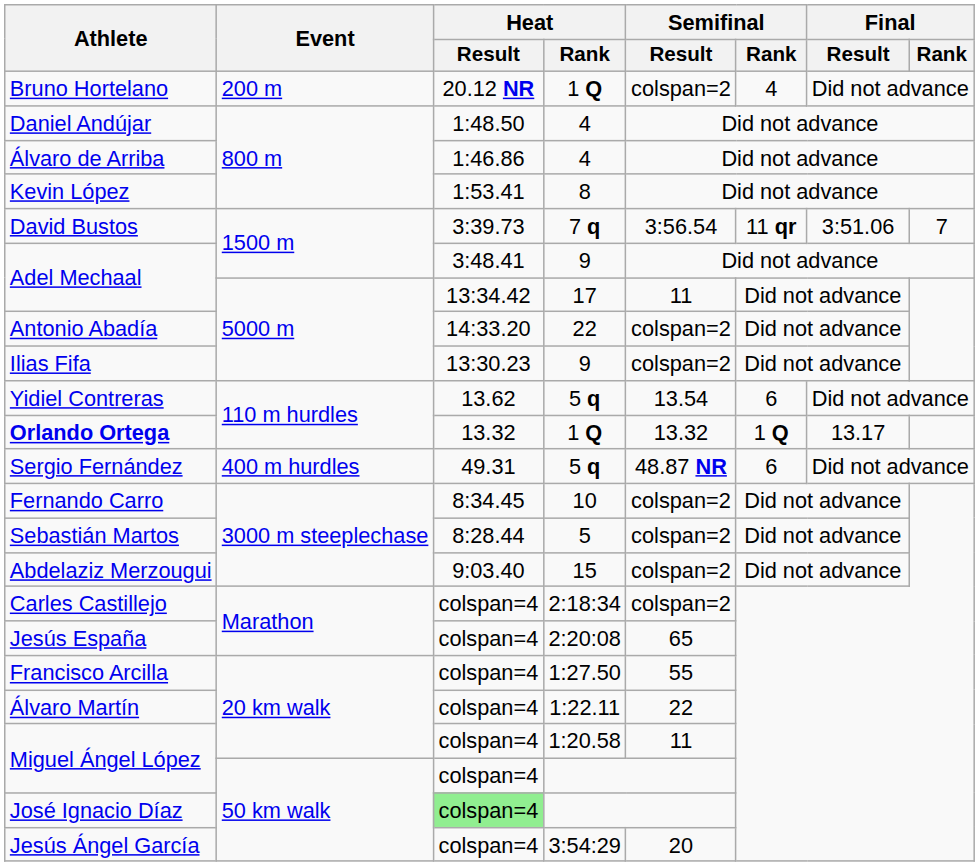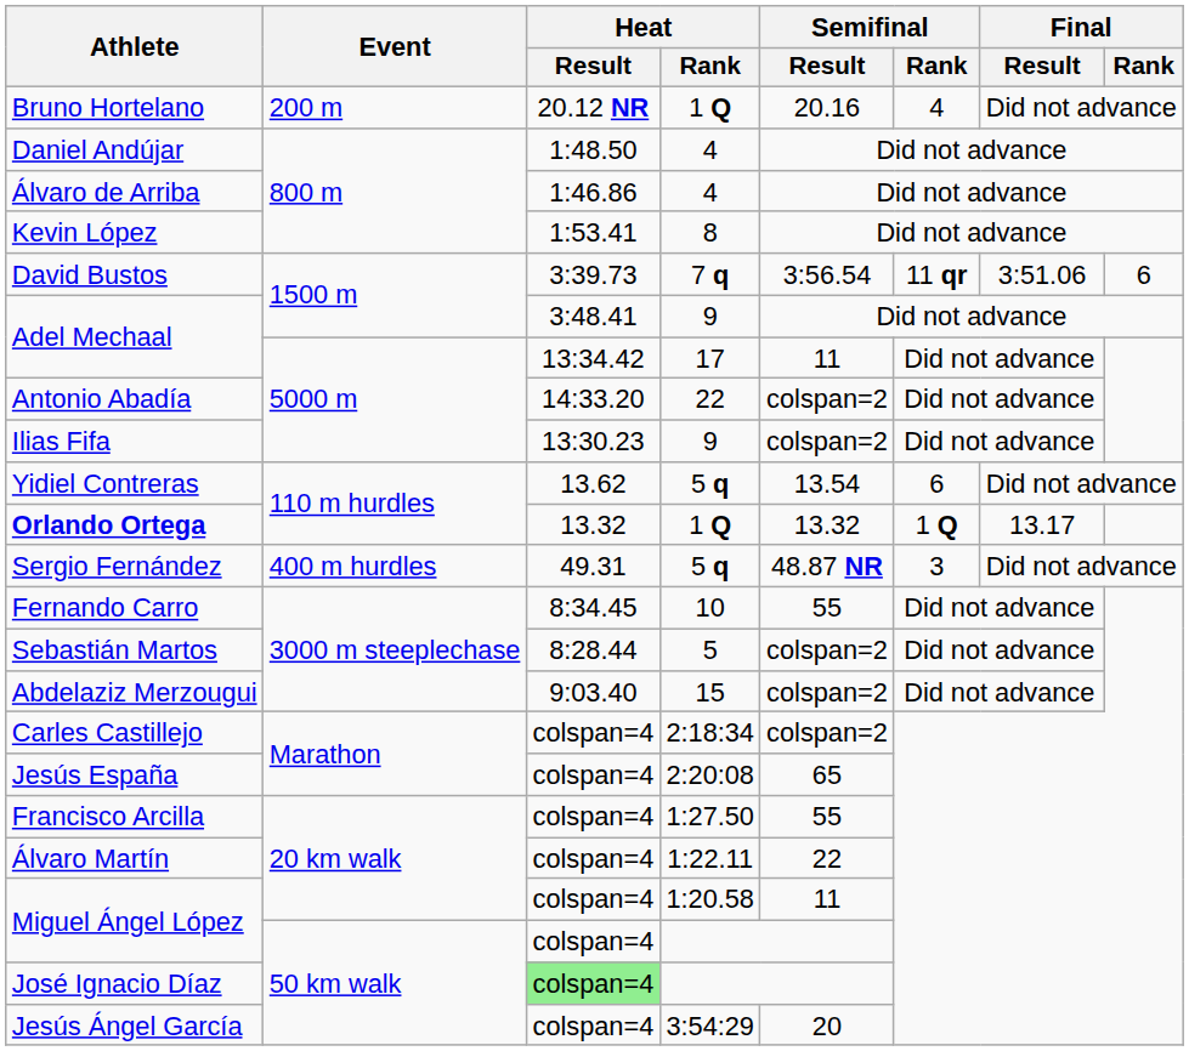 <table class="wikitable" style="font-size:90%">
 <tr>
 <th rowspan="2">Athlete</th>
 <th rowspan="2">Event</th>
 <th colspan="2">Heat</th>
 <th colspan="2">Semifinal</th>
 <th colspan="2">Final</th>
 </tr>
 <tr style="font-size:95%">
 <th>Result</th>
 <th>Rank</th>
 <th>Result</th>
 <th>Rank</th>
 <th>Result</th>
 <th>Rank</th>
 </tr>
 <tr align=center>
 <td align=left><a href='#'>Bruno Hortelano</a></td>
 <td align=left><a href='#'>200 m</a></td>
 <td>20.12 <strong><a href='#'>NR</a></strong></td>
 <td>1 <strong>Q</strong></td>
-<td>colspan=2 </td>
+<td>20.16</td>
 <td>4</td>
 <td colspan=2>Did not advance</td>
 </tr>
 <tr align=center>
 <td align=left><a href='#'>Daniel Andújar</a></td>
 <td style="text-align:left;" rowspan="3"><a href='#'>800 m</a></td>
 <td>1:48.50</td>
 <td>4</td>
 <td colspan=4>Did not advance</td>
 </tr>
 <tr align=center>
 <td align=left><a href='#'>Álvaro de Arriba</a></td>
 <td>1:46.86</td>
 <td>4</td>
 <td colspan=4>Did not advance</td>
 </tr>
 <tr align=center>
 <td align=left><a href='#'>Kevin López</a></td>
 <td>1:53.41</td>
 <td>8</td>
 <td colspan=4>Did not advance</td>
 </tr>
 <tr align=center>
 <td align=left><a href='#'>David Bustos</a></td>
 <td style="text-align:left;" rowspan="2"><a href='#'>1500 m</a></td>
 <td>3:39.73</td>
 <td>7 <strong>q</strong></td>
 <td>3:56.54</td>
 <td>11 <strong>qr</strong></td>
 <td>3:51.06</td>
-<td>7</td>
+<td>6</td>
 </tr>
 <tr align=center>
 <td style="text-align:left;" rowspan="2"><a href='#'>Adel Mechaal</a></td>
 <td>3:48.41</td>
 <td>9</td>
 <td colspan=4>Did not advance</td>
 </tr>
 <tr align=center>
 <td style="text-align:left;" rowspan="3"><a href='#'>5000 m</a></td>
 <td>13:34.42</td>
 <td>17</td>
 <td>11</td>
 <td colspan=2>Did not advance</td>
 </tr>
 <tr align=center>
 <td align=left><a href='#'>Antonio Abadía</a></td>
 <td>14:33.20</td>
 <td>22</td>
 <td>colspan=2 </td>
 <td colspan=2>Did not advance</td>
 </tr>
 <tr align=center>
 <td align=left><a href='#'>Ilias Fifa</a></td>
 <td>13:30.23</td>
 <td>9</td>
 <td>colspan=2 </td>
 <td colspan=2>Did not advance</td>
 </tr>
 <tr align=center>
 <td align=left><a href='#'>Yidiel Contreras</a></td>
 <td style="text-align:left;" rowspan="2"><a href='#'>110 m hurdles</a></td>
 <td>13.62</td>
 <td>5 <strong>q</strong></td>
 <td>13.54</td>
 <td>6</td>
 <td colspan=2>Did not advance</td>
 </tr>
 <tr align=center>
 <td align=left><strong><a href='#'>Orlando Ortega</a></strong></td>
 <td>13.32</td>
 <td>1 <strong>Q</strong></td>
 <td>13.32</td>
 <td>1 <strong>Q</strong></td>
 <td>13.17</td>
 <td></td>
 </tr>
 <tr align=center>
 <td align=left><a href='#'>Sergio Fernández</a></td>
 <td align=left><a href='#'>400 m hurdles</a></td>
 <td>49.31</td>
 <td>5 <strong>q</strong></td>
 <td>48.87  <strong><a href='#'>NR</a></strong></td>
-<td>6</td>
+<td>3</td>
 <td colspan=2>Did not advance</td>
 </tr>
 <tr align=center>
 <td align=left><a href='#'>Fernando Carro</a></td>
 <td style="text-align:left;" rowspan="3"><a href='#'>3000 m steeplechase</a></td>
 <td>8:34.45</td>
 <td>10</td>
-<td>colspan=2 </td>
+<td>55</td>
 <td colspan=2>Did not advance</td>
 </tr>
 <tr align=center>
 <td align=left><a href='#'>Sebastián Martos</a></td>
 <td>8:28.44</td>
 <td>5</td>
 <td>colspan=2 </td>
 <td colspan=2>Did not advance</td>
 </tr>
 <tr align=center>
 <td align=left><a href='#'>Abdelaziz Merzougui</a></td>
 <td>9:03.40</td>
 <td>15</td>
 <td>colspan=2 </td>
 <td colspan=2>Did not advance</td>
 </tr>
 <tr align=center>
 <td align=left><a href='#'>Carles Castillejo</a></td>
 <td style="text-align:left;" rowspan="2"><a href='#'>Marathon</a></td>
 <td>colspan=4 </td>
 <td>2:18:34</td>
 <td>colspan=2 </td>
 </tr>
 <tr align=center>
 <td align=left><a href='#'>Jesús España</a></td>
 <td>colspan=4 </td>
 <td>2:20:08</td>
 <td>65</td>
 </tr>
 <tr align=center>
 <td align=left><a href='#'>Francisco Arcilla</a></td>
 <td style="text-align:left;" rowspan="3"><a href='#'>20 km walk</a></td>
 <td>colspan=4 </td>
 <td>1:27.50</td>
 <td>55</td>
 </tr>
 <tr align=center>
 <td align=left><a href='#'>Álvaro Martín</a></td>
 <td>colspan=4 </td>
 <td>1:22.11</td>
 <td>22</td>
 </tr>
 <tr align=center>
 <td style="text-align:left;" rowspan=2><a href='#'>Miguel Ángel López</a></td>
 <td>colspan=4 </td>
 <td>1:20.58</td>
 <td>11</td>
 </tr>
 <tr align=center>
 <td style="text-align:left;" rowspan="3"><a href='#'>50 km walk</a></td>
 <td>colspan=4 </td>
 <td colspan=2></td>
 </tr>
 <tr align=center>
 <td align=left><a href='#'>José Ignacio Díaz</a></td>
 <td style="background: lightgreen;">colspan=4 </td>
 <td colspan=2></td>
 </tr>
 <tr align=center>
 <td align=left><a href='#'>Jesús Ángel García</a></td>
 <td>colspan=4 </td>
 <td>3:54:29</td>
 <td>20</td>
 </tr>
 </table>
